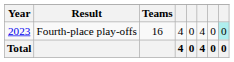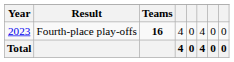 <table class="wikitable" style="text-align:center">
 <tr>
 </tr>
 <tr>
 <th>Year</th>
 <th>Result</th>
 <th>Teams</th>
 <th></th>
 <th></th>
 <th></th>
 <th></th>
 <th></th>
 </tr>
 <tr>
 <td> <a href='#'>2023</a></td>
 <td>Fourth-place play-offs</td>
-<td>16</td>
+<td><strong>16</strong></td>
 <td>4</td>
 <td>0</td>
 <td>4</td>
 <td>0</td>
-<td style="background: paleturquoise;">0</td>
+<td>0</td>
 </tr>
 <tr>
 <th>Total</th>
 <th></th>
 <th></th>
 <th>4</th>
 <th>0</th>
 <th>4</th>
 <th>0</th>
 <th>0</th>
 </tr>
 </table>
